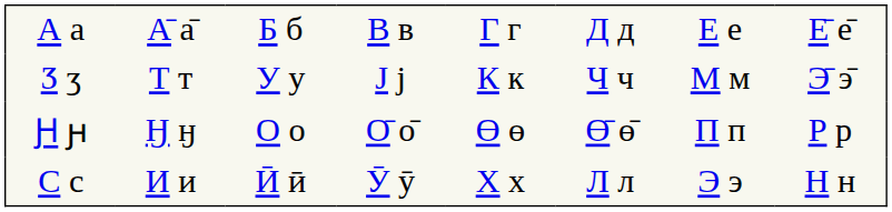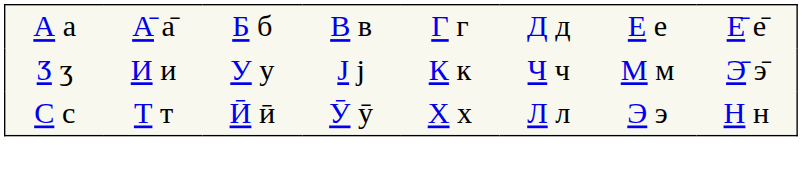 <table style="border-color:#000000; border-width:1px; border-style:solid; border-collapse:collapse; background-color:#F8F8EF">
 <tr style="font-family:Arial Unicode MS; font-size:1.4em; width:3em; text-align:center;">
 <td style="width:3em; padding: 3px;"><a href='#'>А</a> а</td>
 <td style="width:3em; padding: 3px;"><a href='#'>А̄</a> а̄</td>
 <td style="width:3em; padding: 3px;"><a href='#'>Б</a> б</td>
 <td style="width:3em; padding: 3px;"><a href='#'>В</a> в</td>
 <td style="width:3em; padding: 3px;"><a href='#'>Г</a> г</td>
 <td style="width:3em; padding: 3px;"><a href='#'>Д</a> д</td>
 <td style="width:3em; padding: 3px;"><a href='#'>Е</a> е</td>
 <td style="width:3em; padding: 3px;"><a href='#'>Е̄</a> е̄</td>
 </tr>
 <tr style="font-family:Arial Unicode MS; font-size:1.4em; width:3em; text-align:center;">
 <td style="width:3em; padding: 3px;"><a href='#'>Ӡ</a> ӡ</td>
-<td style="width:3em; padding: 3px;"><a href='#'>Т</a> т</td>
+<td style="width:3em; padding: 3px;"><a href='#'>И</a> и</td>
 <td style="width:3em; padding: 3px;"><a href='#'>У</a> у</td>
 <td style="width:3em; padding: 3px;"><a href='#'>Ј</a> ј</td>
 <td style="width:3em; padding: 3px;"><a href='#'>К</a> к</td>
 <td style="width:3em; padding: 3px;"><a href='#'>Ч</a> ч</td>
 <td style="width:3em; padding: 3px;"><a href='#'>М</a> м</td>
 <td style="width:3em; padding: 3px;"><a href='#'>Э̄</a> э̄</td>
 </tr>
 <tr style="font-family:Arial Unicode MS; font-size:1.4em; width:3em; text-align:center;">
-<td style="width:3em; padding: 3px;"><a href='#'>Ԩ</a> ԩ</td>
-<td style="width:3em; padding: 3px;"><a href='#'>Ӈ</a> ӈ</td>
-<td style="width:3em; padding: 3px;"><a href='#'>О</a> о</td>
-<td style="width:3em; padding: 3px;"><a href='#'>О̄</a> о̄</td>
-<td style="width:3em; padding: 3px;"><a href='#'>Ө</a> ө</td>
-<td style="width:3em; padding: 3px;"><a href='#'>Ө̄</a> ө̄</td>
-<td style="width:3em; padding: 3px;"><a href='#'>П</a> п</td>
-<td style="width:3em; padding: 3px;"><a href='#'>Р</a> р</td>
-</tr>
-<tr style="font-family:Arial Unicode MS; font-size:1.4em; width:3em; text-align:center;">
 <td style="width:3em; padding: 3px;"><a href='#'>С</a> с</td>
-<td style="width:3em; padding: 3px;"><a href='#'>И</a> и</td>
+<td style="width:3em; padding: 3px;"><a href='#'>Т</a> т</td>
 <td style="width:3em; padding: 3px;"><a href='#'>Ӣ</a> ӣ</td>
 <td style="width:3em; padding: 3px;"><a href='#'>Ӯ</a> ӯ</td>
 <td style="width:3em; padding: 3px;"><a href='#'>Х</a> х</td>
 <td style="width:3em; padding: 3px;"><a href='#'>Л</a> л</td>
 <td style="width:3em; padding: 3px;"><a href='#'>Э</a> э</td>
 <td style="width:3em; padding: 3px;"><a href='#'>Н</a> н</td>
 </tr>
 </table>
